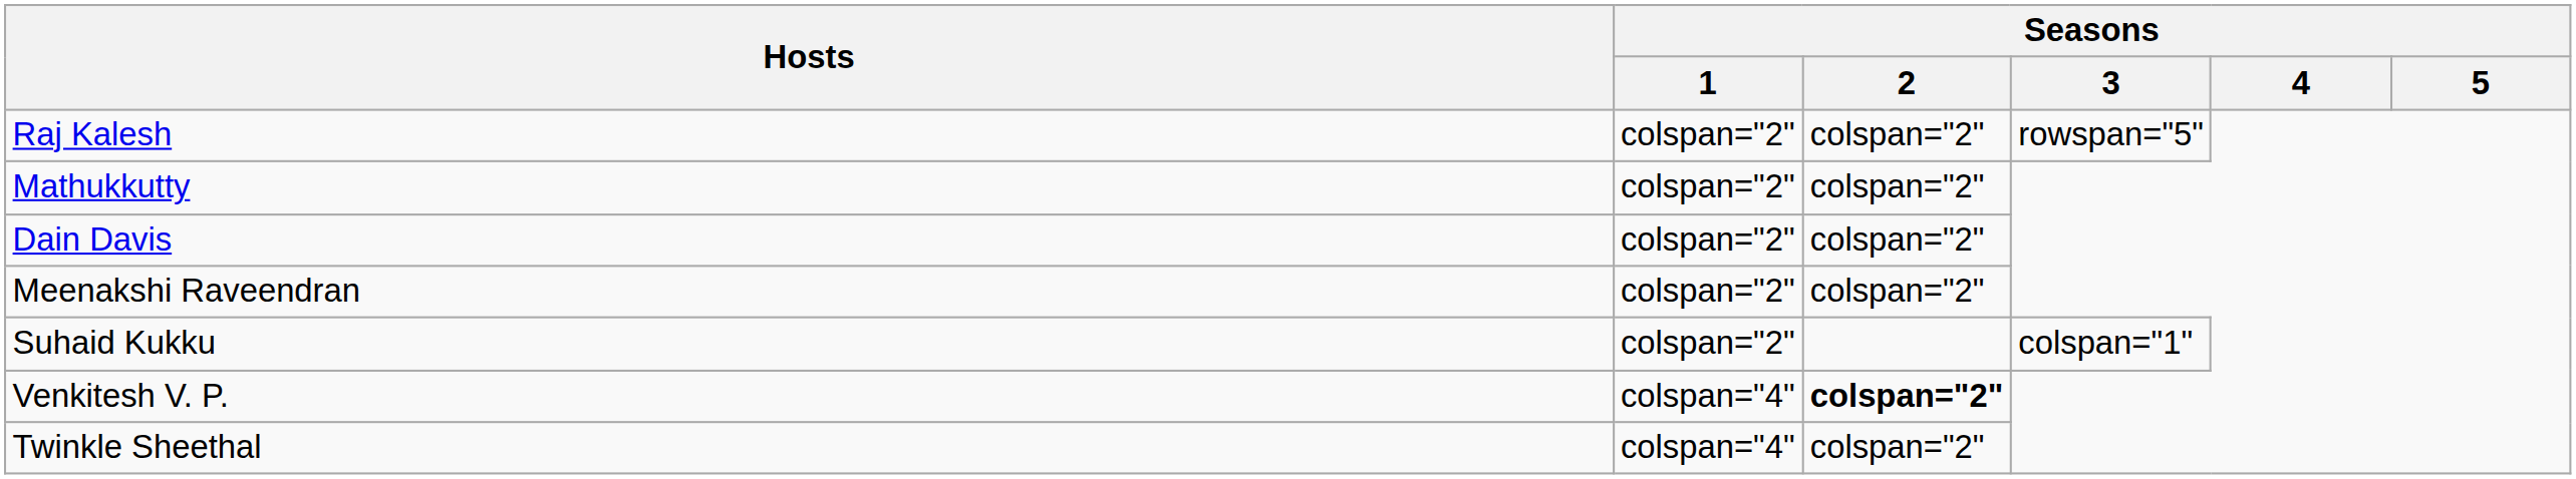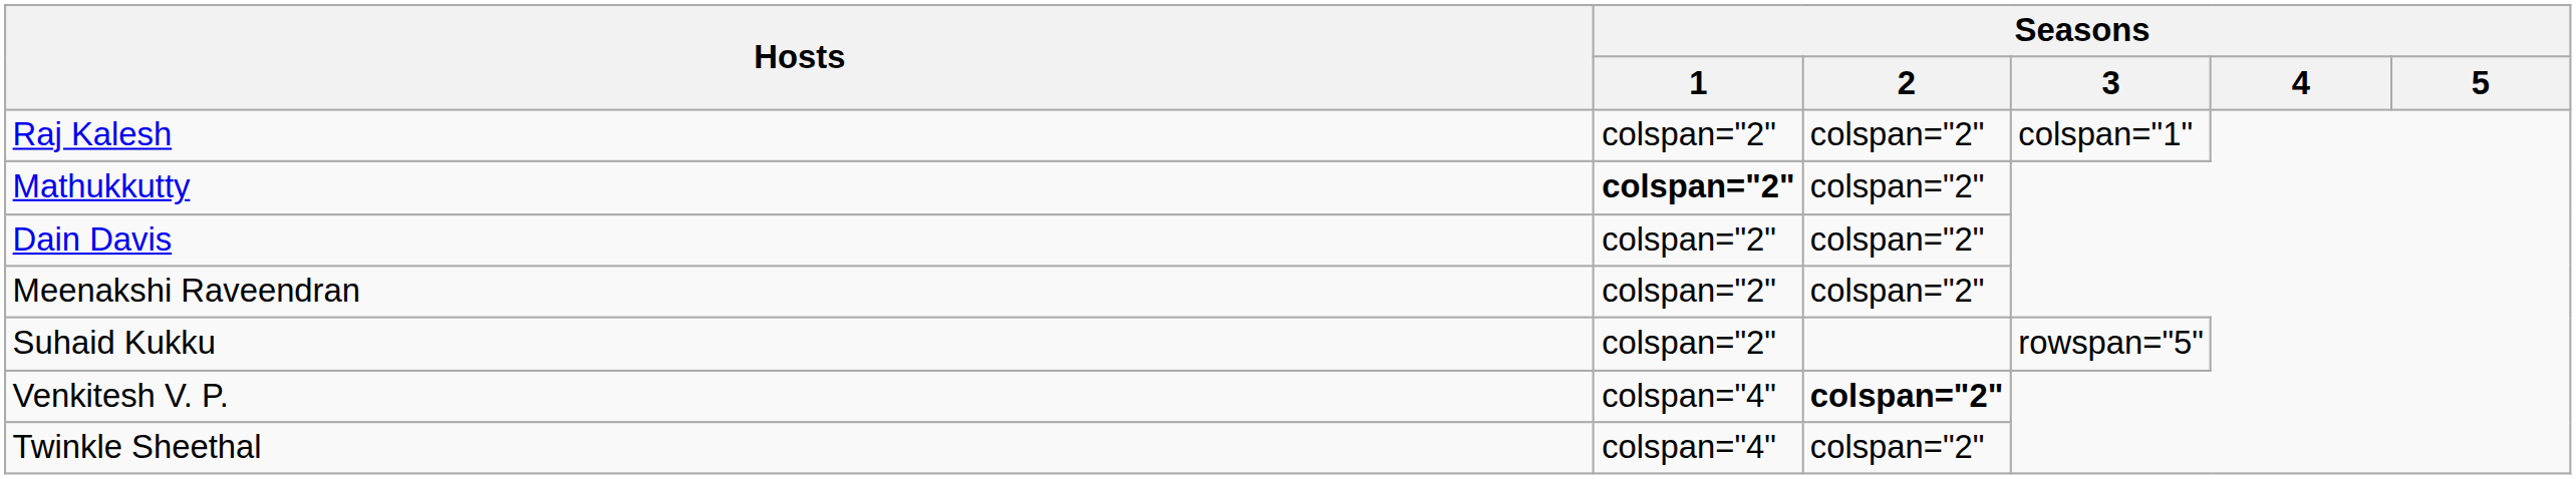 <table class="wikitable plainrowheaders">
 <tr>
 <th scope="col" rowspan="2">Hosts</th>
 <th scope="col" colspan="5">Seasons</th>
 </tr>
 <tr>
 <th scope="col" style="width:7%;">1</th>
 <th scope="col" style="width:7%;">2</th>
 <th scope="col" style="width:7%;">3</th>
 <th scope="col" style="width:7%;">4</th>
 <th scope="col" style="width:7%;">5</th>
 </tr>
 <tr>
 <td><a href='#'>Raj Kalesh</a></td>
 <td>colspan="2" </td>
 <td>colspan="2" </td>
-<td>rowspan="5" </td>
+<td>colspan="1" </td>
 </tr>
 <tr>
 <td><a href='#'>Mathukkutty</a></td>
-<td>colspan="2" </td>
+<td><strong>colspan="2" </strong></td>
 <td>colspan="2" </td>
 </tr>
 <tr>
 <td><a href='#'>Dain Davis</a></td>
 <td>colspan="2" </td>
 <td>colspan="2" </td>
 </tr>
 <tr>
 <td>Meenakshi Raveendran</td>
 <td>colspan="2" </td>
 <td>colspan="2" </td>
 </tr>
 <tr>
 <td>Suhaid Kukku</td>
 <td>colspan="2" </td>
 <td></td>
-<td>colspan="1" </td>
+<td>rowspan="5" </td>
 </tr>
 <tr>
 <td>Venkitesh V. P.</td>
 <td>colspan="4"  </td>
 <td><strong>colspan="2" </strong></td>
 </tr>
 <tr>
 <td>Twinkle Sheethal</td>
 <td>colspan="4"  </td>
 <td>colspan="2" </td>
 </tr>
 </table>
